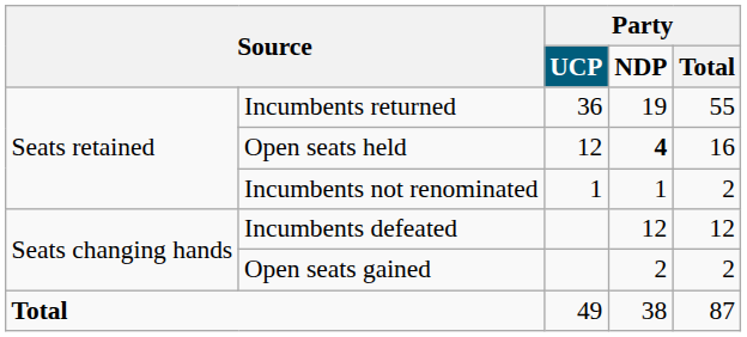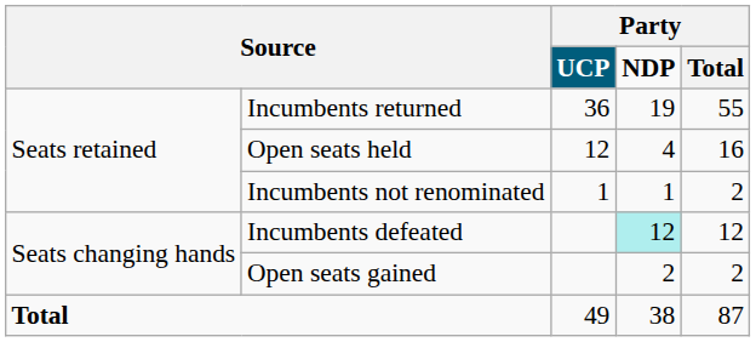 <table class="wikitable" style="text-align:right;">
 <tr>
 <th colspan="2" rowspan="2">Source</th>
 <th colspan="3">Party</th>
 </tr>
 <tr>
 <td style="background: #005d7c; color: white" align="center"><strong>UCP</strong></td>
 <td><strong>NDP</strong></td>
 <th>Total</th>
 </tr>
 <tr>
 <td rowspan="3" style="text-align:left;">Seats retained</td>
 <td style="text-align:left;">Incumbents returned</td>
 <td>36</td>
 <td>19</td>
 <td>55</td>
 </tr>
 <tr>
 <td style="text-align:left;">Open seats held</td>
 <td>12</td>
-<td><strong>4</strong></td>
+<td>4</td>
 <td>16</td>
 </tr>
 <tr>
 <td style="text-align:left;">Incumbents not renominated</td>
 <td>1</td>
 <td>1</td>
 <td>2</td>
 </tr>
 <tr>
 <td rowspan="2" style="text-align:left;">Seats changing hands</td>
 <td style="text-align:left;">Incumbents defeated</td>
 <td></td>
-<td>12</td>
+<td style="background: paleturquoise;">12</td>
 <td>12</td>
 </tr>
 <tr>
 <td style="text-align:left;">Open seats gained</td>
 <td></td>
 <td>2</td>
 <td>2</td>
 </tr>
 <tr>
 <td colspan="2" style="text-align:left;"><strong>Total</strong></td>
 <td>49</td>
 <td>38</td>
 <td>87</td>
 </tr>
 </table>
